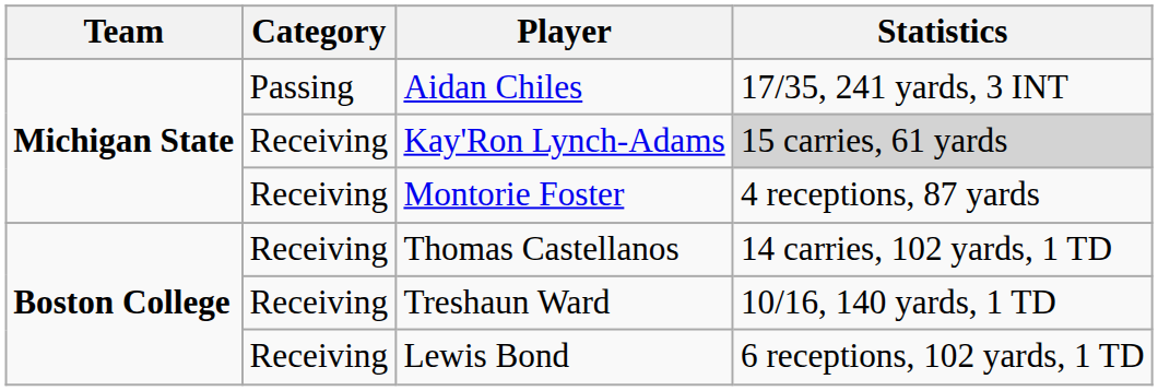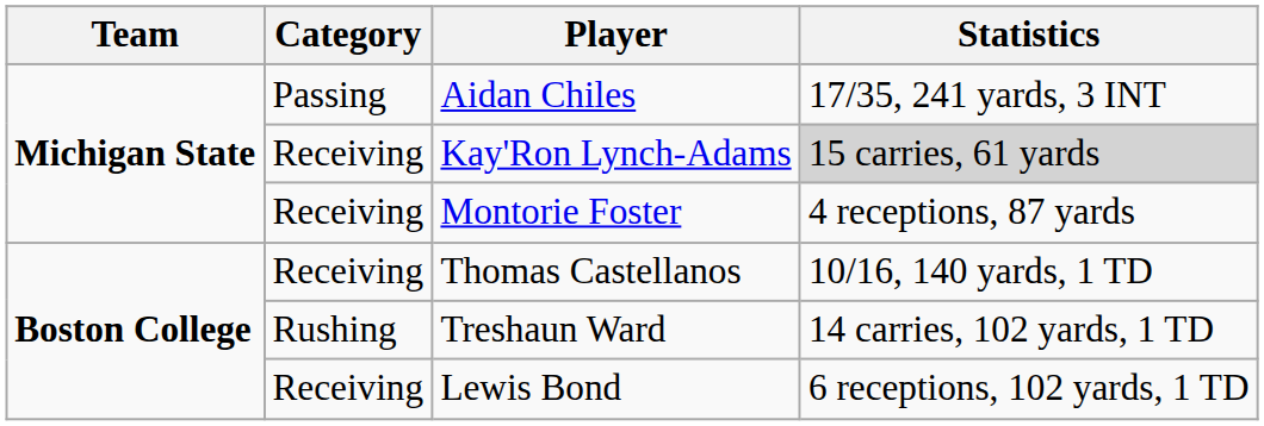 <table class="wikitable" style="float: right;">
 <tr>
 <th>Team</th>
 <th>Category</th>
 <th>Player</th>
 <th>Statistics</th>
 </tr>
 <tr>
 <td rowspan=3><strong>Michigan State</strong></td>
 <td>Passing</td>
 <td><a href='#'>Aidan Chiles</a></td>
 <td>17/35, 241 yards, 3 INT</td>
 </tr>
 <tr>
 <td>Receiving</td>
 <td><a href='#'>Kay'Ron Lynch-Adams</a></td>
 <td style="background: lightgrey;">15 carries, 61 yards</td>
 </tr>
 <tr>
 <td>Receiving</td>
 <td><a href='#'>Montorie Foster</a></td>
 <td>4 receptions, 87 yards</td>
 </tr>
 <tr>
 <td rowspan=3><strong>Boston College</strong></td>
 <td>Receiving</td>
 <td>Thomas Castellanos</td>
-<td>14 carries, 102 yards, 1 TD</td>
+<td>10/16, 140 yards, 1 TD</td>
 </tr>
 <tr>
-<td>Receiving</td>
+<td>Rushing</td>
 <td>Treshaun Ward</td>
-<td>10/16, 140 yards, 1 TD</td>
+<td>14 carries, 102 yards, 1 TD</td>
 </tr>
 <tr>
 <td>Receiving</td>
 <td>Lewis Bond</td>
 <td>6 receptions, 102 yards, 1 TD</td>
 </tr>
 </table>
